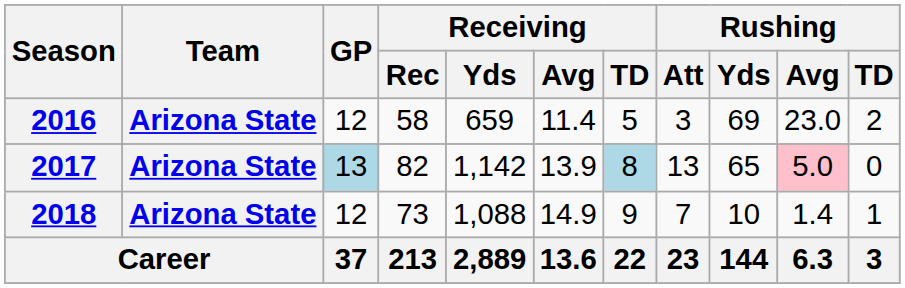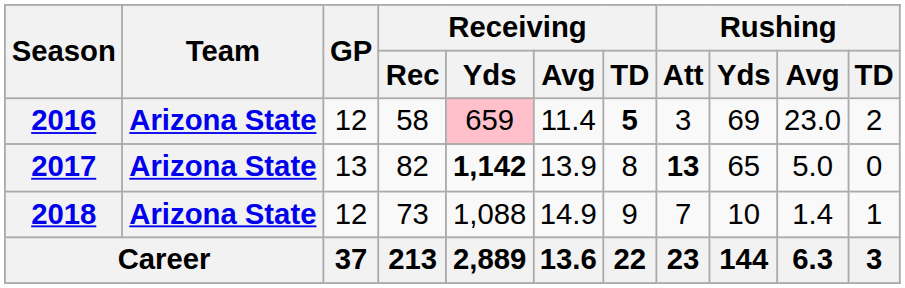 <table class="wikitable" style="text-align:center;">
 <tr>
 <th rowspan="2">Season</th>
 <th rowspan="2">Team</th>
 <th rowspan="2">GP</th>
 <th colspan="4">Receiving</th>
 <th colspan="4">Rushing</th>
 </tr>
 <tr>
 <th>Rec</th>
 <th>Yds</th>
 <th>Avg</th>
 <th>TD</th>
 <th>Att</th>
 <th>Yds</th>
 <th>Avg</th>
 <th>TD</th>
 </tr>
 <tr>
 <th><a href='#'>2016</a></th>
 <th><a href='#'>Arizona State</a></th>
 <td>12</td>
 <td>58</td>
-<td>659</td>
+<td style="background: pink;">659</td>
 <td>11.4</td>
-<td>5</td>
+<td><strong>5</strong></td>
 <td>3</td>
 <td>69</td>
 <td>23.0</td>
 <td>2</td>
 </tr>
 <tr>
 <th><a href='#'>2017</a></th>
 <th><a href='#'>Arizona State</a></th>
-<td style="background: lightblue;">13</td>
+<td>13</td>
 <td>82</td>
-<td>1,142</td>
+<td><strong>1,142</strong></td>
 <td>13.9</td>
-<td style="background: lightblue;">8</td>
-<td>13</td>
+<td>8</td>
+<td><strong>13</strong></td>
 <td>65</td>
-<td style="background: pink;">5.0</td>
+<td>5.0</td>
 <td>0</td>
 </tr>
 <tr>
 <th><a href='#'>2018</a></th>
 <th><a href='#'>Arizona State</a></th>
 <td>12</td>
 <td>73</td>
 <td>1,088</td>
 <td>14.9</td>
 <td>9</td>
 <td>7</td>
 <td>10</td>
 <td>1.4</td>
 <td>1</td>
 </tr>
 <tr>
 <th colspan="2">Career</th>
 <th>37</th>
 <th>213</th>
 <th>2,889</th>
 <th>13.6</th>
 <th>22</th>
 <th>23</th>
 <th>144</th>
 <th>6.3</th>
 <th>3</th>
 </tr>
 </table>
